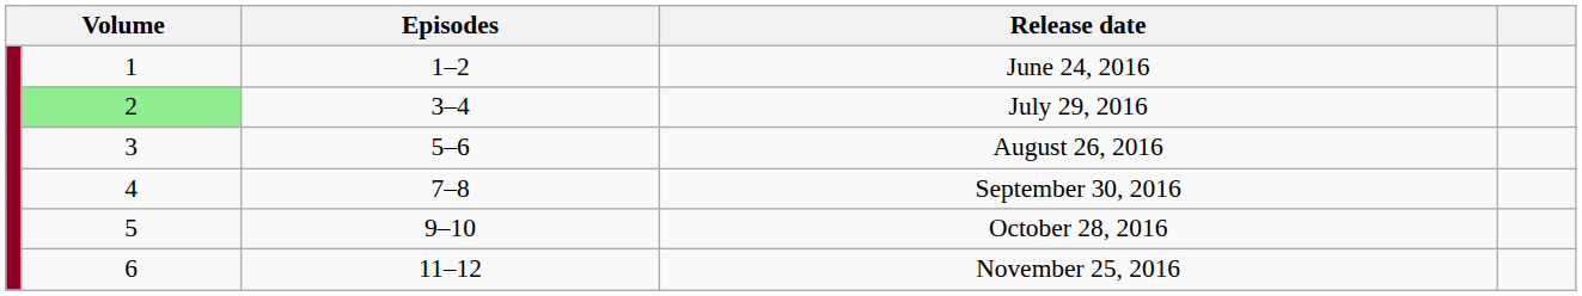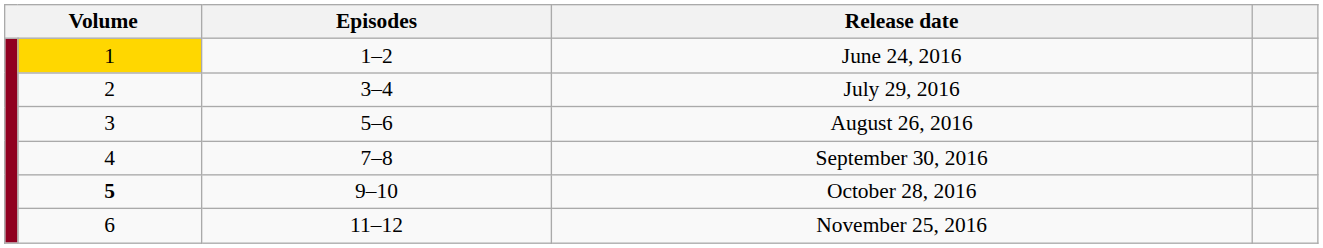 <table class="wikitable" style="text-align:center;">
 <tr>
 <th colspan="2" width="15%">Volume</th>
 <th>Episodes</th>
 <th>Release date</th>
 <th width="5%"></th>
 </tr>
 <tr>
 <td rowspan="6" width="1%" style="background: #900020"></td>
-<td>1</td>
+<td style="background: gold;">1</td>
 <td>1–2</td>
 <td>June 24, 2016</td>
 <td></td>
 </tr>
 <tr>
-<td style="background: lightgreen;">2</td>
+<td>2</td>
 <td>3–4</td>
 <td>July 29, 2016</td>
 <td></td>
 </tr>
 <tr>
 <td>3</td>
 <td>5–6</td>
 <td>August 26, 2016</td>
 <td></td>
 </tr>
 <tr>
 <td>4</td>
 <td>7–8</td>
 <td>September 30, 2016</td>
 <td></td>
 </tr>
 <tr>
-<td>5</td>
+<td><strong>5</strong></td>
 <td>9–10</td>
 <td>October 28, 2016</td>
 <td></td>
 </tr>
 <tr>
 <td>6</td>
 <td>11–12</td>
 <td>November 25, 2016</td>
 <td></td>
 </tr>
 </table>
